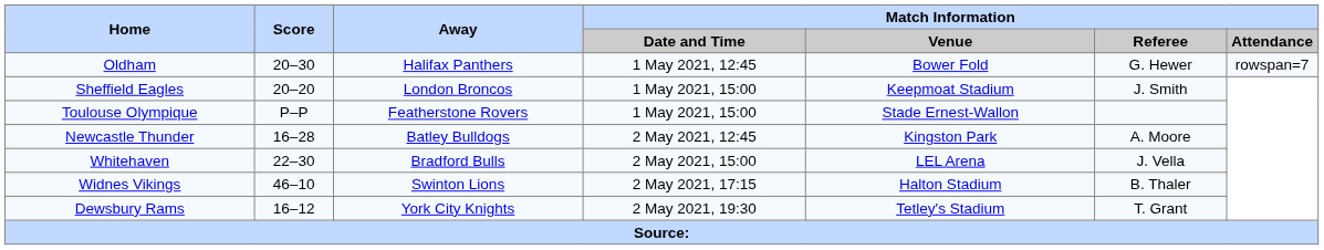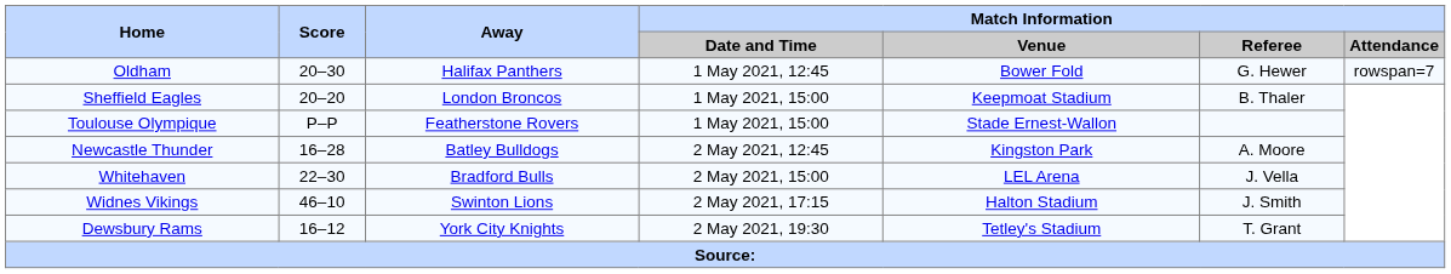 <table border=1 style="border-collapse:collapse; font-size:90%; text-align:center;" cellpadding=3 cellspacing=0 width=100%>
 <tr style="background:#c1d8ff;">
 <th scope="col" rowspan=2 width=19%>Home</th>
 <th scope="col" rowspan=2 width=6%>Score</th>
 <th scope="col" rowspan=2 width=19%>Away</th>
 <th colspan=6>Match Information</th>
 </tr>
 <tr style="background:#cccccc;">
 <th scope="col" width=17%>Date and Time</th>
 <th scope="col" width=22%>Venue</th>
 <th scope="col" width=10%>Referee</th>
 <th scope="col" width=7%>Attendance</th>
 </tr>
 <tr style="background:#f5faff;">
 <td> <a href='#'>Oldham</a></td>
 <td>20–30</td>
 <td> <a href='#'>Halifax Panthers</a></td>
 <td>1 May 2021, 12:45</td>
 <td><a href='#'>Bower Fold</a></td>
 <td>G. Hewer</td>
 <td>rowspan=7 </td>
 </tr>
 <tr style="background:#f5faff;">
 <td> <a href='#'>Sheffield Eagles</a></td>
 <td>20–20</td>
 <td> <a href='#'>London Broncos</a></td>
 <td>1 May 2021, 15:00</td>
 <td><a href='#'>Keepmoat Stadium</a></td>
-<td>J. Smith</td>
+<td>B. Thaler</td>
 </tr>
 <tr style="background:#f5faff;">
 <td> <a href='#'>Toulouse Olympique</a></td>
 <td>P–P</td>
 <td> <a href='#'>Featherstone Rovers</a></td>
 <td>1 May 2021, 15:00</td>
 <td><a href='#'>Stade Ernest-Wallon</a></td>
 <td></td>
 </tr>
 <tr style="background:#f5faff;">
 <td> <a href='#'>Newcastle Thunder</a></td>
 <td>16–28</td>
 <td> <a href='#'>Batley Bulldogs</a></td>
 <td>2 May 2021, 12:45</td>
 <td><a href='#'>Kingston Park</a></td>
 <td>A. Moore</td>
 </tr>
 <tr style="background:#f5faff;">
 <td> <a href='#'>Whitehaven</a></td>
 <td>22–30</td>
 <td> <a href='#'>Bradford Bulls</a></td>
 <td>2 May 2021, 15:00</td>
 <td><a href='#'>LEL Arena</a></td>
 <td>J. Vella</td>
 </tr>
 <tr style="background:#f5faff;">
 <td> <a href='#'>Widnes Vikings</a></td>
 <td>46–10</td>
 <td> <a href='#'>Swinton Lions</a></td>
 <td>2 May 2021, 17:15</td>
 <td><a href='#'>Halton Stadium</a></td>
-<td>B. Thaler</td>
+<td>J. Smith</td>
 </tr>
 <tr style="background:#f5faff;">
 <td> <a href='#'>Dewsbury Rams</a></td>
 <td>16–12</td>
 <td> <a href='#'>York City Knights</a></td>
 <td>2 May 2021, 19:30</td>
 <td><a href='#'>Tetley's Stadium</a></td>
 <td>T. Grant</td>
 </tr>
 <tr style="background:#c1d8ff;">
 <th colspan=7>Source:</th>
 </tr>
 </table>
